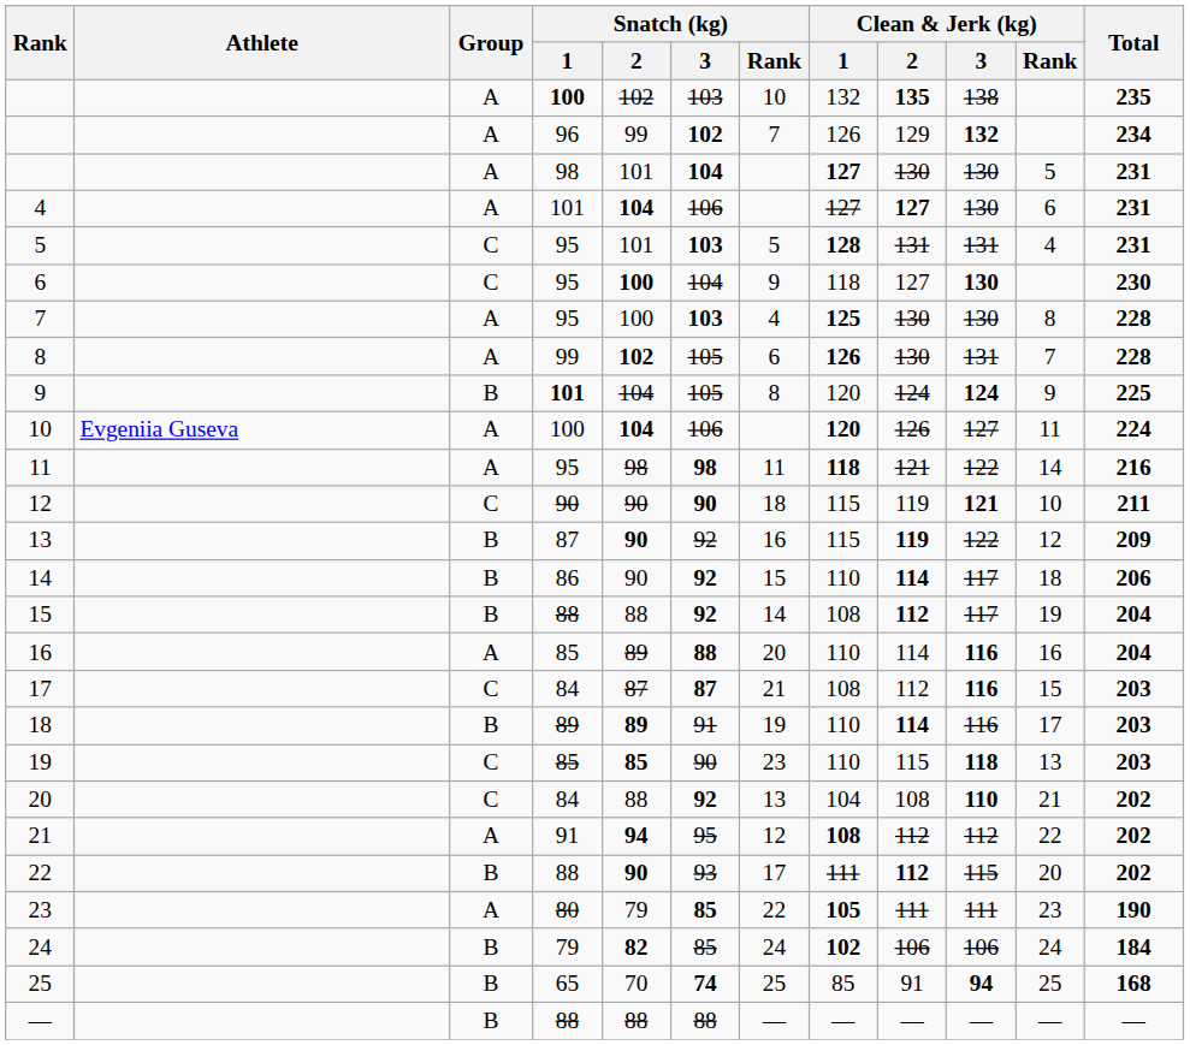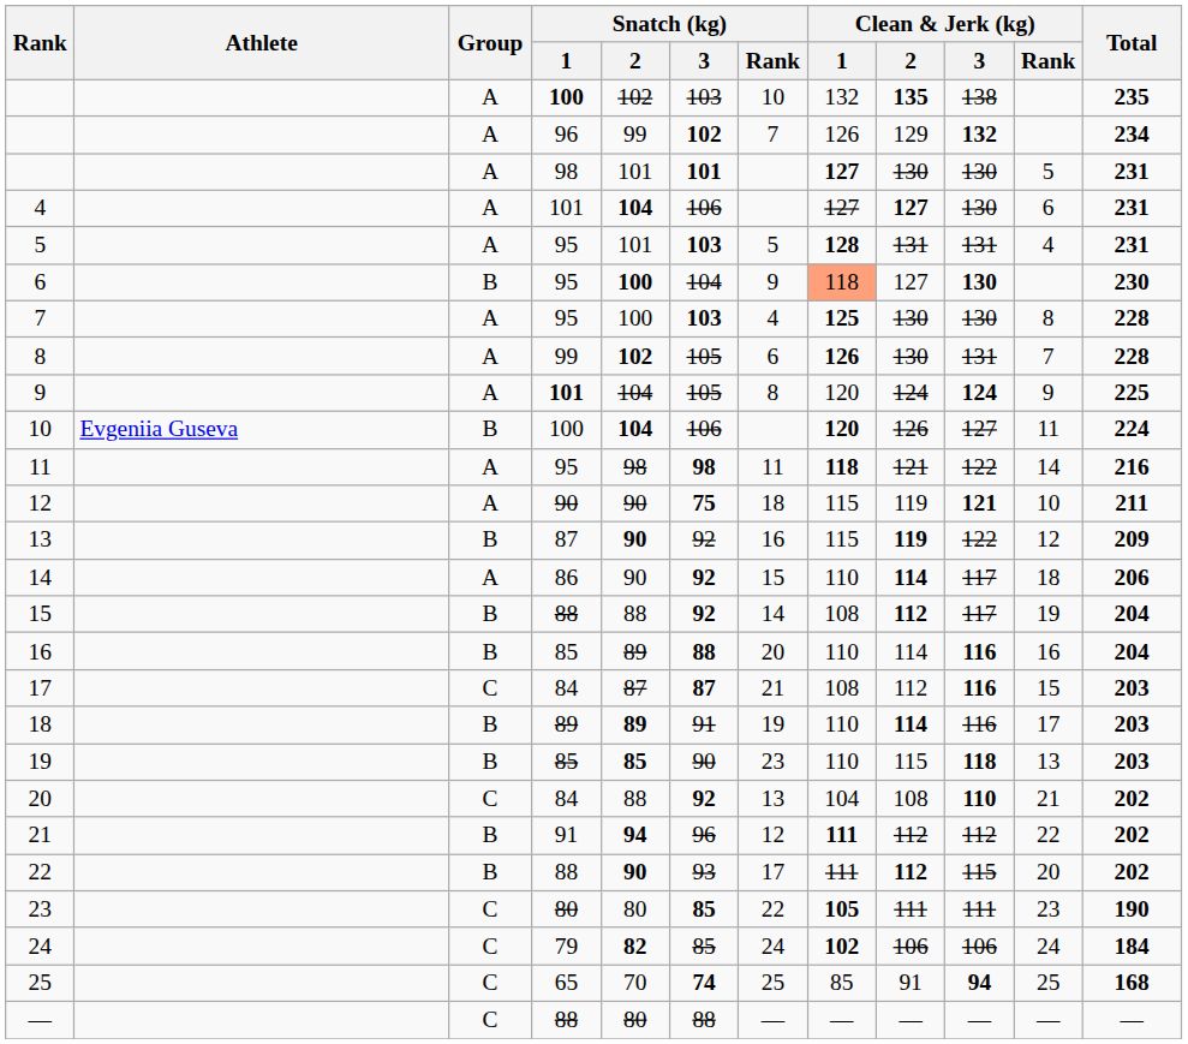 <table class = "wikitable" style="text-align:center;">
 <tr>
 <th rowspan=2 width=40>Rank</th>
 <th rowspan=2 width=250>Athlete</th>
 <th rowspan=2 width=50>Group</th>
 <th colspan=4>Snatch (kg)</th>
 <th colspan=4>Clean & Jerk (kg)</th>
 <th rowspan=2 width=60>Total</th>
 </tr>
 <tr>
 <th width=40>1</th>
 <th width=40>2</th>
 <th width=40>3</th>
 <th width=40>Rank</th>
 <th width=40>1</th>
 <th width=40>2</th>
 <th width=40>3</th>
 <th width=40>Rank</th>
 </tr>
 <tr>
 <td></td>
 <td align=left></td>
 <td>A</td>
 <td><strong>100</strong></td>
 <td><s>102</s></td>
 <td><s>103</s></td>
 <td>10</td>
 <td>132</td>
 <td><strong>135</strong></td>
 <td><s>138</s></td>
 <td></td>
 <td><strong>235</strong></td>
 </tr>
 <tr>
 <td></td>
 <td align=left></td>
 <td>A</td>
 <td>96</td>
 <td>99</td>
 <td><strong>102</strong></td>
 <td>7</td>
 <td>126</td>
 <td>129</td>
 <td><strong>132</strong></td>
 <td></td>
 <td><strong>234</strong></td>
 </tr>
 <tr>
 <td></td>
 <td align=left></td>
 <td>A</td>
 <td>98</td>
 <td>101</td>
-<td><strong>104</strong></td>
+<td><strong>101</strong></td>
 <td></td>
 <td><strong>127</strong></td>
 <td><s>130</s></td>
 <td><s>130</s></td>
 <td>5</td>
 <td><strong>231</strong></td>
 </tr>
 <tr>
 <td>4</td>
 <td align=left></td>
 <td>A</td>
 <td>101</td>
 <td><strong>104</strong></td>
 <td><s>106</s></td>
 <td></td>
 <td><s>127</s></td>
 <td><strong>127</strong></td>
 <td><s>130</s></td>
 <td>6</td>
 <td><strong>231</strong></td>
 </tr>
 <tr>
 <td>5</td>
 <td align=left></td>
-<td>C</td>
+<td>A</td>
 <td>95</td>
 <td>101</td>
 <td><strong>103</strong></td>
 <td>5</td>
 <td><strong>128</strong></td>
 <td><s>131</s></td>
 <td><s>131</s></td>
 <td>4</td>
 <td><strong>231</strong></td>
 </tr>
 <tr>
 <td>6</td>
 <td align=left></td>
-<td>C</td>
+<td>B</td>
 <td>95</td>
 <td><strong>100</strong></td>
 <td><s>104</s></td>
 <td>9</td>
-<td>118</td>
+<td style="background: lightsalmon;">118</td>
 <td>127</td>
 <td><strong>130</strong></td>
 <td></td>
 <td><strong>230</strong></td>
 </tr>
 <tr>
 <td>7</td>
 <td align=left></td>
 <td>A</td>
 <td>95</td>
 <td>100</td>
 <td><strong>103</strong></td>
 <td>4</td>
 <td><strong>125</strong></td>
 <td><s>130</s></td>
 <td><s>130</s></td>
 <td>8</td>
 <td><strong>228</strong></td>
 </tr>
 <tr>
 <td>8</td>
 <td align=left></td>
 <td>A</td>
 <td>99</td>
 <td><strong>102</strong></td>
 <td><s>105</s></td>
 <td>6</td>
 <td><strong>126</strong></td>
 <td><s>130</s></td>
 <td><s>131</s></td>
 <td>7</td>
 <td><strong>228</strong></td>
 </tr>
 <tr>
 <td>9</td>
 <td align=left></td>
-<td>B</td>
+<td>A</td>
 <td><strong>101</strong></td>
 <td><s>104</s></td>
 <td><s>105</s></td>
 <td>8</td>
 <td>120</td>
 <td><s>124</s></td>
 <td><strong>124</strong></td>
 <td>9</td>
 <td><strong>225</strong></td>
 </tr>
 <tr>
 <td>10</td>
 <td align=left> <a href='#'>Evgeniia Guseva</a> </td>
-<td>A</td>
+<td>B</td>
 <td>100</td>
 <td><strong>104</strong></td>
 <td><s>106</s></td>
 <td></td>
 <td><strong>120</strong></td>
 <td><s>126</s></td>
 <td><s>127</s></td>
 <td>11</td>
 <td><strong>224</strong></td>
 </tr>
 <tr>
 <td>11</td>
 <td align=left></td>
 <td>A</td>
 <td>95</td>
 <td><s>98</s></td>
 <td><strong>98</strong></td>
 <td>11</td>
 <td><strong>118</strong></td>
 <td><s>121</s></td>
 <td><s>122</s></td>
 <td>14</td>
 <td><strong>216</strong></td>
 </tr>
 <tr>
 <td>12</td>
 <td align=left></td>
-<td>C</td>
+<td>A</td>
 <td><s>90</s></td>
 <td><s>90</s></td>
-<td><strong>90</strong></td>
+<td><strong>75</strong></td>
 <td>18</td>
 <td>115</td>
 <td>119</td>
 <td><strong>121</strong></td>
 <td>10</td>
 <td><strong>211</strong></td>
 </tr>
 <tr>
 <td>13</td>
 <td align=left></td>
 <td>B</td>
 <td>87</td>
 <td><strong>90</strong></td>
 <td><s>92</s></td>
 <td>16</td>
 <td>115</td>
 <td><strong>119</strong></td>
 <td><s>122</s></td>
 <td>12</td>
 <td><strong>209</strong></td>
 </tr>
 <tr>
 <td>14</td>
 <td align=left></td>
-<td>B</td>
+<td>A</td>
 <td>86</td>
 <td>90</td>
 <td><strong>92</strong></td>
 <td>15</td>
 <td>110</td>
 <td><strong>114</strong></td>
 <td><s>117</s></td>
 <td>18</td>
 <td><strong>206</strong></td>
 </tr>
 <tr>
 <td>15</td>
 <td align=left></td>
 <td>B</td>
 <td><s>88</s></td>
 <td>88</td>
 <td><strong>92</strong></td>
 <td>14</td>
 <td>108</td>
 <td><strong>112</strong></td>
 <td><s>117</s></td>
 <td>19</td>
 <td><strong>204</strong></td>
 </tr>
 <tr>
 <td>16</td>
 <td align=left></td>
-<td>A</td>
+<td>B</td>
 <td>85</td>
 <td><s>89</s></td>
 <td><strong>88</strong></td>
 <td>20</td>
 <td>110</td>
 <td>114</td>
 <td><strong>116</strong></td>
 <td>16</td>
 <td><strong>204</strong></td>
 </tr>
 <tr>
 <td>17</td>
 <td align=left></td>
 <td>C</td>
 <td>84</td>
 <td><s>87</s></td>
 <td><strong>87</strong></td>
 <td>21</td>
 <td>108</td>
 <td>112</td>
 <td><strong>116</strong></td>
 <td>15</td>
 <td><strong>203</strong></td>
 </tr>
 <tr>
 <td>18</td>
 <td align=left></td>
 <td>B</td>
 <td><s>89</s></td>
 <td><strong>89</strong></td>
 <td><s>91</s></td>
 <td>19</td>
 <td>110</td>
 <td><strong>114</strong></td>
 <td><s>116</s></td>
 <td>17</td>
 <td><strong>203</strong></td>
 </tr>
 <tr>
 <td>19</td>
 <td align=left></td>
-<td>C</td>
+<td>B</td>
 <td><s>85</s></td>
 <td><strong>85</strong></td>
 <td><s>90</s></td>
 <td>23</td>
 <td>110</td>
 <td>115</td>
 <td><strong>118</strong></td>
 <td>13</td>
 <td><strong>203</strong></td>
 </tr>
 <tr>
 <td>20</td>
 <td align=left></td>
 <td>C</td>
 <td>84</td>
 <td>88</td>
 <td><strong>92</strong></td>
 <td>13</td>
 <td>104</td>
 <td>108</td>
 <td><strong>110</strong></td>
 <td>21</td>
 <td><strong>202</strong></td>
 </tr>
 <tr>
 <td>21</td>
 <td align=left></td>
-<td>A</td>
+<td>B</td>
 <td>91</td>
 <td><strong>94</strong></td>
-<td><s>95</s></td>
+<td><s>96</s></td>
 <td>12</td>
-<td><strong>108</strong></td>
+<td><strong>111</strong></td>
 <td><s>112</s></td>
 <td><s>112</s></td>
 <td>22</td>
 <td><strong>202</strong></td>
 </tr>
 <tr>
 <td>22</td>
 <td align=left></td>
 <td>B</td>
 <td>88</td>
 <td><strong>90</strong></td>
 <td><s>93</s></td>
 <td>17</td>
 <td><s>111</s></td>
 <td><strong>112</strong></td>
 <td><s>115</s></td>
 <td>20</td>
 <td><strong>202</strong></td>
 </tr>
 <tr>
 <td>23</td>
 <td align=left></td>
-<td>A</td>
+<td>C</td>
 <td><s>80</s></td>
-<td>79</td>
+<td>80</td>
 <td><strong>85</strong></td>
 <td>22</td>
 <td><strong>105</strong></td>
 <td><s>111</s></td>
 <td><s>111</s></td>
 <td>23</td>
 <td><strong>190</strong></td>
 </tr>
 <tr>
 <td>24</td>
 <td align=left></td>
-<td>B</td>
+<td>C</td>
 <td>79</td>
 <td><strong>82</strong></td>
 <td><s>85</s></td>
 <td>24</td>
 <td><strong>102</strong></td>
 <td><s>106</s></td>
 <td><s>106</s></td>
 <td>24</td>
 <td><strong>184</strong></td>
 </tr>
 <tr>
 <td>25</td>
 <td align=left></td>
-<td>B</td>
+<td>C</td>
 <td>65</td>
 <td>70</td>
 <td><strong>74</strong></td>
 <td>25</td>
 <td>85</td>
 <td>91</td>
 <td><strong>94</strong></td>
 <td>25</td>
 <td><strong>168</strong></td>
 </tr>
 <tr>
 <td>—</td>
 <td align=left></td>
-<td>B</td>
+<td>C</td>
 <td><s>88</s></td>
-<td><s>88</s></td>
+<td><s>80</s></td>
 <td><s>88</s></td>
 <td>—</td>
 <td>—</td>
 <td>—</td>
 <td>—</td>
 <td>—</td>
 <td>—</td>
 </tr>
 </table>
